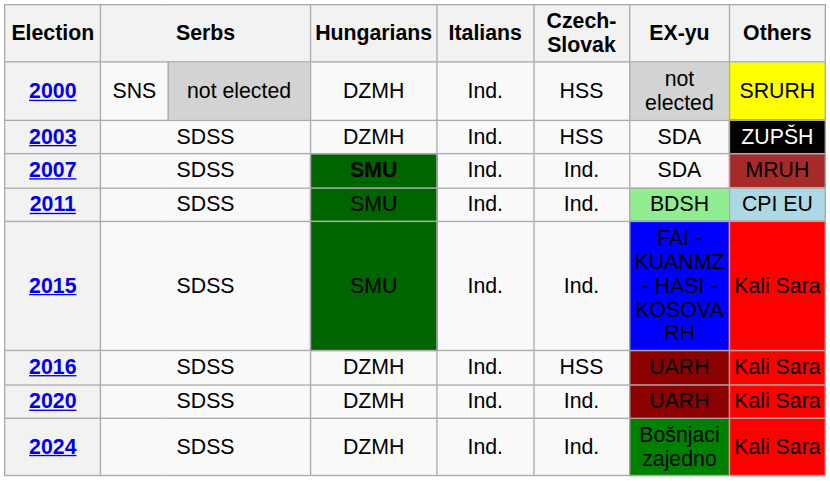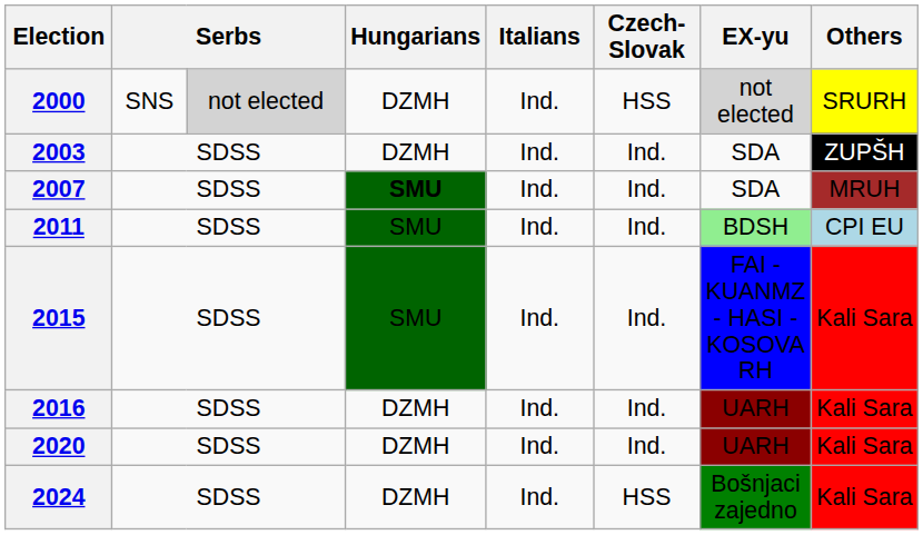 <table class=wikitable style="text-align: center;">
 <tr>
 <th style="width: 65px;">Election</th>
 <th colspan=3 style="width: 150px;">Serbs</th>
 <th style="width: 65px;">Hungarians</th>
 <th style="width: 65px;">Italians</th>
 <th style="width: 65px;">Czech-Slovak</th>
 <th style="width: 65px;">EX-yu</th>
 <th style="width: 65px;">Others</th>
 </tr>
 <tr>
 <th><a href='#'>2000</a></th>
 <td style="background:">SNS</td>
 <td colspan=2 style="background:lightgrey">not elected</td>
 <td style="background:">DZMH</td>
 <td style="background:">Ind.</td>
 <td style="background:">HSS</td>
 <td style="background:lightgrey">not elected</td>
 <td style="background:yellow">SRURH</td>
 </tr>
 <tr>
 <th><a href='#'>2003</a></th>
 <td colspan=3 style="background:">SDSS</td>
 <td style="background:">DZMH</td>
 <td style="background:">Ind.</td>
-<td style="background:">HSS</td>
+<td style="background:">Ind.</td>
 <td style="background:">SDA</td>
 <td style="background:black; color:white">ZUPŠH</td>
 </tr>
 <tr>
 <th><a href='#'>2007</a></th>
 <td colspan=3 style="background:">SDSS</td>
 <td style="background:darkgreen"><strong>SMU</strong></td>
 <td style="background:">Ind.</td>
 <td style="background:">Ind.</td>
 <td style="background:">SDA</td>
 <td style="background:brown">MRUH</td>
 </tr>
 <tr>
 <th><a href='#'>2011</a></th>
 <td colspan=3 style="background:">SDSS</td>
 <td style="background:darkgreen">SMU</td>
 <td style="background:">Ind.</td>
 <td style="background:">Ind.</td>
 <td style="background:lightgreen">BDSH</td>
 <td style="background:lightblue">CPI EU</td>
 </tr>
 <tr>
 <th><a href='#'>2015</a></th>
 <td colspan=3 style="background:">SDSS</td>
 <td style="background:darkgreen">SMU</td>
 <td style="background:">Ind.</td>
 <td style="background:">Ind.</td>
 <td style="background:blue">FAI - KUANMZ - HASI - KOSOVA RH</td>
 <td style="background:red">Kali Sara</td>
 </tr>
 <tr>
 <th><a href='#'>2016</a></th>
 <td colspan=3 style="background:">SDSS</td>
 <td style="background:">DZMH</td>
 <td style="background:">Ind.</td>
-<td style="background:">HSS</td>
+<td style="background:">Ind.</td>
 <td style="background:darkred">UARH</td>
 <td style="background:red">Kali Sara</td>
 </tr>
 <tr>
 <th><a href='#'>2020</a></th>
 <td colspan=3 style="background:">SDSS</td>
 <td style="background:">DZMH</td>
 <td style="background:">Ind.</td>
 <td style="background:">Ind.</td>
 <td style="background:darkred">UARH</td>
 <td style="background:red">Kali Sara</td>
 </tr>
 <tr>
 <th><a href='#'>2024</a></th>
 <td colspan=3 style="background:">SDSS</td>
 <td style="background:">DZMH</td>
 <td style="background:">Ind.</td>
-<td style="background:">Ind.</td>
+<td style="background:">HSS</td>
 <td style="background:green">Bošnjaci zajedno</td>
 <td style="background:red">Kali Sara</td>
 </tr>
 </table>
